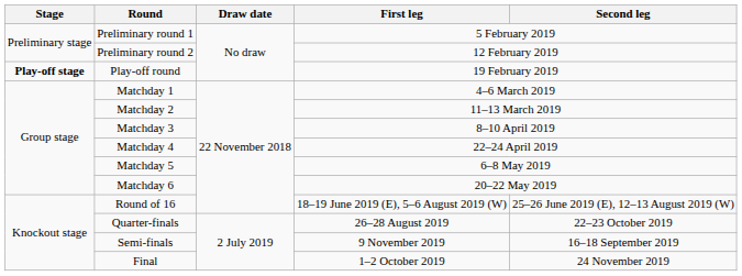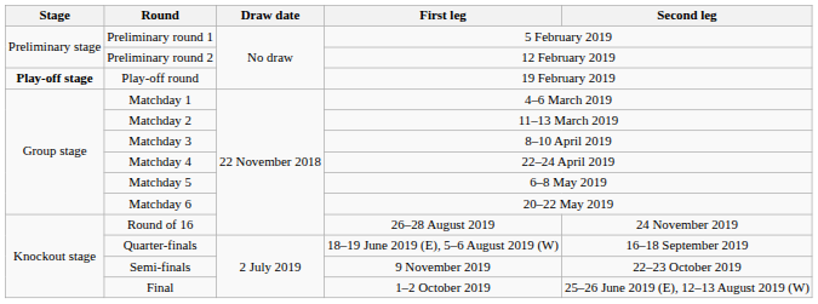 <table class="wikitable" style="text-align:center">
 <tr>
 <th>Stage</th>
 <th>Round</th>
 <th>Draw date</th>
 <th>First leg</th>
 <th>Second leg</th>
 </tr>
 <tr>
 <td rowspan=2>Preliminary stage</td>
 <td>Preliminary round 1</td>
 <td rowspan=3>No draw</td>
 <td colspan=2>5 February 2019</td>
 </tr>
 <tr>
 <td>Preliminary round 2</td>
 <td colspan=2>12 February 2019</td>
 </tr>
 <tr>
 <td><strong>Play-off stage</strong></td>
 <td>Play-off round</td>
 <td colspan=2>19 February 2019</td>
 </tr>
 <tr>
 <td rowspan=6>Group stage</td>
 <td>Matchday 1</td>
 <td rowspan=7>22 November 2018</td>
 <td colspan=2>4–6 March 2019</td>
 </tr>
 <tr>
 <td>Matchday 2</td>
 <td colspan=2>11–13 March 2019</td>
 </tr>
 <tr>
 <td>Matchday 3</td>
 <td colspan=2>8–10 April 2019</td>
 </tr>
 <tr>
 <td>Matchday 4</td>
 <td colspan=2>22–24 April 2019</td>
 </tr>
 <tr>
 <td>Matchday 5</td>
 <td colspan=2>6–8 May 2019</td>
 </tr>
 <tr>
 <td>Matchday 6</td>
 <td colspan=2>20–22 May 2019</td>
 </tr>
 <tr>
 <td rowspan=4>Knockout stage</td>
 <td>Round of 16</td>
-<td>18–19 June 2019 (E), 5–6 August 2019 (W)</td>
-<td>25–26 June 2019 (E), 12–13 August 2019 (W)</td>
+<td>26–28 August 2019</td>
+<td>24 November 2019</td>
 </tr>
 <tr>
 <td>Quarter-finals</td>
 <td rowspan=3>2 July 2019</td>
-<td>26–28 August 2019</td>
-<td>22–23 October 2019</td>
+<td>18–19 June 2019 (E), 5–6 August 2019 (W)</td>
+<td>16–18 September 2019</td>
 </tr>
 <tr>
 <td>Semi-finals</td>
 <td>9 November 2019</td>
-<td>16–18 September 2019</td>
+<td>22–23 October 2019</td>
 </tr>
 <tr>
 <td>Final</td>
 <td>1–2 October 2019</td>
-<td>24 November 2019</td>
+<td>25–26 June 2019 (E), 12–13 August 2019 (W)</td>
 </tr>
 </table>
